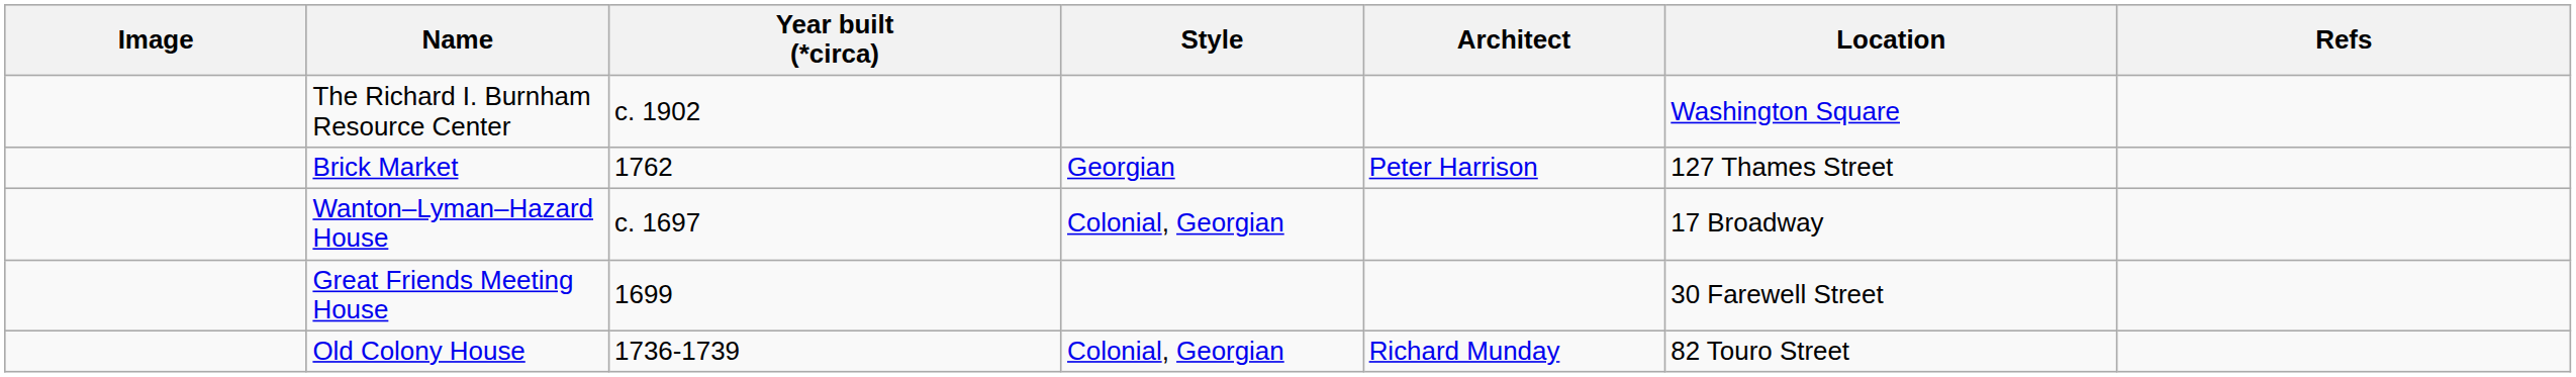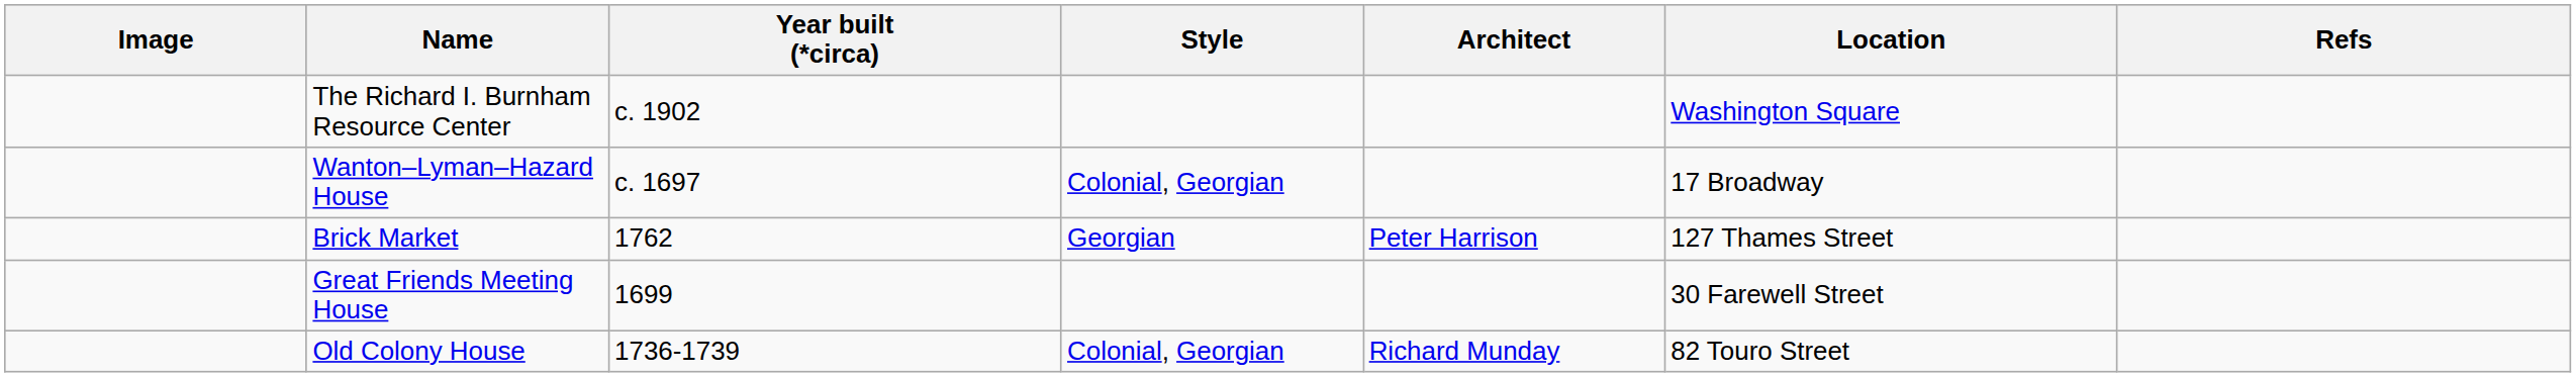 <table class="sortable wikitable">
 <tr>
 <th class="unsortable" scope="col" style="width:8%">Image</th>
 <th scope="col" style="width:8%;">Name</th>
 <th scope="col" style="width:12%;">Year built<br>(*circa)</th>
 <th scope="col" style="width:8%;">Style</th>
 <th scope="col" style="width:8%;">Architect</th>
 <th class="unsortable" scope="col" style="width:12%;">Location</th>
 <th class="unsortable" scope="col" style="width:12%;">Refs</th>
 </tr>
 <tr>
 <td></td>
 <td>The Richard I. Burnham Resource Center</td>
 <td>c. 1902</td>
 <td></td>
 <td></td>
 <td><a href='#'>Washington Square</a></td>
 </tr>
 <tr>
 <td></td>
+<td><a href='#'>Wanton–Lyman–Hazard House</a></td>
+<td>c. 1697</td>
+<td><a href='#'>Colonial</a>, <a href='#'>Georgian</a></td>
+<td></td>
+<td>17 Broadway</td>
+<td></td>
+</tr>
+<tr>
+<td></td>
 <td><a href='#'>Brick Market</a></td>
 <td>1762</td>
 <td><a href='#'>Georgian</a></td>
 <td><a href='#'>Peter Harrison</a></td>
 <td>127 Thames Street</td>
-<td></td>
-</tr>
-<tr>
-<td></td>
-<td><a href='#'>Wanton–Lyman–Hazard House</a></td>
-<td>c. 1697</td>
-<td><a href='#'>Colonial</a>, <a href='#'>Georgian</a></td>
-<td></td>
-<td>17 Broadway</td>
 <td></td>
 </tr>
 <tr>
 <td></td>
 <td><a href='#'>Great Friends Meeting House</a></td>
 <td>1699</td>
 <td></td>
 <td></td>
 <td>30 Farewell Street</td>
 <td></td>
 </tr>
 <tr>
 <td></td>
 <td><a href='#'>Old Colony House</a></td>
 <td>1736-1739</td>
 <td><a href='#'>Colonial</a>, <a href='#'>Georgian</a></td>
 <td><a href='#'>Richard Munday</a></td>
 <td>82 Touro Street</td>
 <td></td>
 </tr>
 </table>
